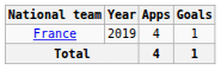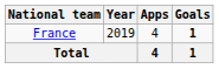 <table class=wikitable style=text-align:center>
 <tr>
 <th>National team</th>
 <th>Year</th>
 <th>Apps</th>
 <th>Goals</th>
 </tr>
 <tr>
 <td><a href='#'>France</a></td>
 <td>2019</td>
 <td>4</td>
-<td>1</td>
+<td><strong>1</strong></td>
 </tr>
 <tr>
 <th colspan=2>Total</th>
 <th>4</th>
 <th>1</th>
 </tr>
 </table>
